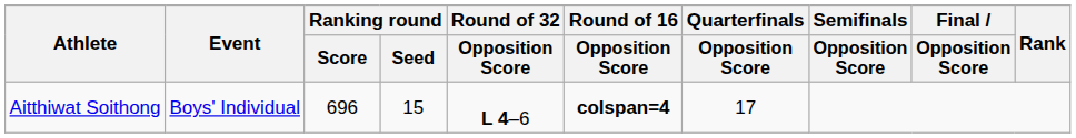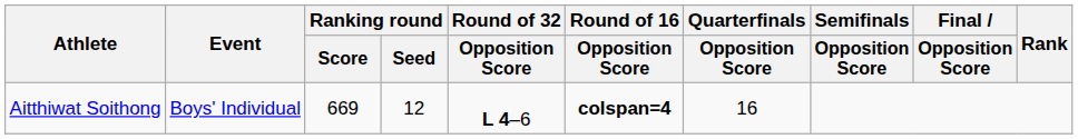 <table class="wikitable" style="font-size:90%;">
 <tr>
 <th rowspan="2">Athlete</th>
 <th rowspan="2">Event</th>
 <th colspan="2">Ranking round</th>
 <th>Round of 32</th>
 <th>Round of 16</th>
 <th>Quarterfinals</th>
 <th>Semifinals</th>
 <th>Final / </th>
 <th rowspan=2>Rank</th>
 </tr>
 <tr style="font-size:95%">
 <th>Score</th>
 <th>Seed</th>
 <th>Opposition<br>Score</th>
 <th>Opposition<br>Score</th>
 <th>Opposition<br>Score</th>
 <th>Opposition<br>Score</th>
 <th>Opposition<br>Score</th>
 </tr>
 <tr align=center>
 <td align=left><a href='#'>Aitthiwat Soithong</a></td>
 <td><a href='#'>Boys' Individual</a></td>
-<td>696</td>
-<td>15</td>
+<td>669</td>
+<td>12</td>
 <td><br><strong>L</strong> <strong>4</strong>–6</td>
 <td><strong>colspan=4 </strong></td>
-<td>17</td>
+<td>16</td>
 </tr>
 </table>
